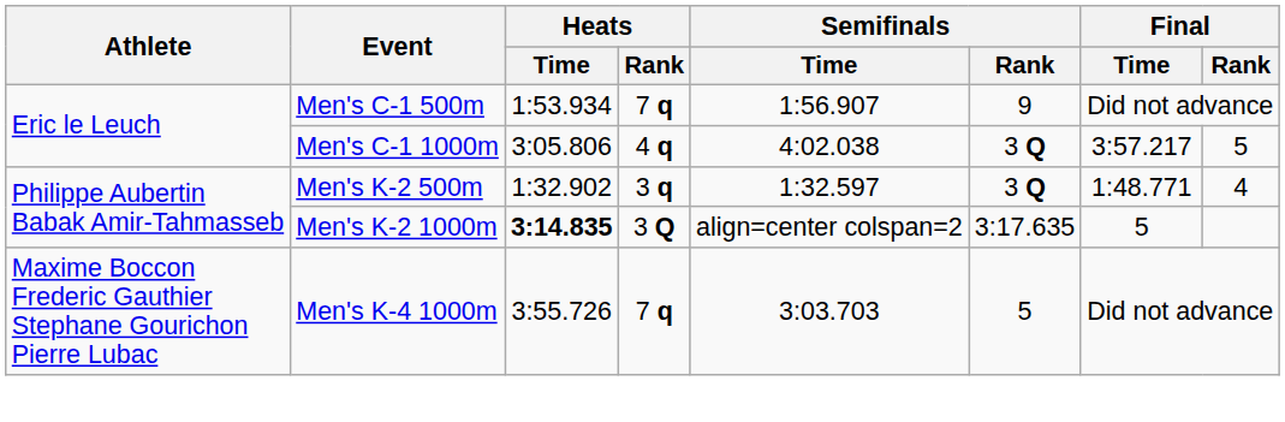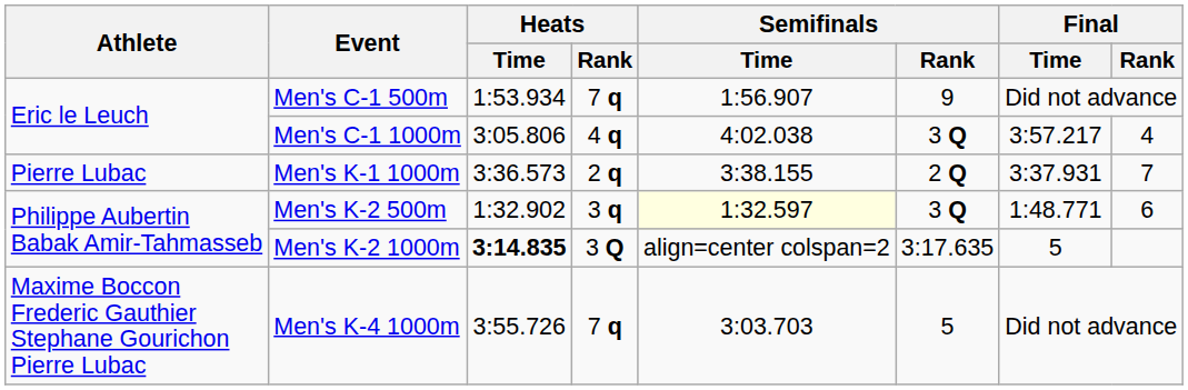 <table class="wikitable" style="font-size:90%">
 <tr>
 <th rowspan=2>Athlete</th>
 <th rowspan=2>Event</th>
 <th colspan=2>Heats</th>
 <th colspan=2>Semifinals</th>
 <th colspan=2>Final</th>
 </tr>
 <tr style="font-size:95%">
 <th>Time</th>
 <th>Rank</th>
 <th>Time</th>
 <th>Rank</th>
 <th>Time</th>
 <th>Rank</th>
 </tr>
 <tr>
 <td align=left rowspan=2><a href='#'>Eric le Leuch</a></td>
 <td align=left><a href='#'>Men's C-1 500m</a></td>
 <td align=center>1:53.934</td>
 <td align=center>7 <strong>q</strong></td>
 <td align=center>1:56.907</td>
 <td align=center>9</td>
 <td align=center colspan=2>Did not advance</td>
 </tr>
 <tr>
 <td align=left><a href='#'>Men's C-1 1000m</a></td>
 <td align=center>3:05.806</td>
 <td align=center>4 <strong>q</strong></td>
 <td align=center>4:02.038</td>
 <td align=center>3 <strong>Q</strong></td>
 <td align=center>3:57.217</td>
-<td align=center>5</td>
+<td align=center>4</td>
+</tr>
+<tr>
+<td align=left><a href='#'>Pierre Lubac</a></td>
+<td align=left><a href='#'>Men's K-1 1000m</a></td>
+<td align=center>3:36.573</td>
+<td align=center>2 <strong>q</strong></td>
+<td align=center>3:38.155</td>
+<td align=center>2 <strong>Q</strong></td>
+<td align=center>3:37.931</td>
+<td align=center>7</td>
 </tr>
 <tr>
 <td align=left rowspan=2><a href='#'>Philippe Aubertin</a><br> <a href='#'>Babak Amir-Tahmasseb</a></td>
 <td align=left><a href='#'>Men's K-2 500m</a></td>
 <td align=center>1:32.902</td>
 <td align=center>3 <strong>q</strong></td>
-<td align=center>1:32.597</td>
+<td align=center style="background: lightyellow;">1:32.597</td>
 <td align=center>3 <strong>Q</strong></td>
 <td align=center>1:48.771</td>
-<td align=center>4</td>
+<td align=center>6</td>
 </tr>
 <tr>
 <td align=left><a href='#'>Men's K-2 1000m</a></td>
 <td align=center><strong>3:14.835</strong></td>
 <td align=center>3 <strong>Q</strong></td>
 <td>align=center colspan=2 </td>
 <td align=center>3:17.635</td>
 <td align=center>5</td>
 </tr>
 <tr>
 <td align=left><a href='#'>Maxime Boccon</a><br> <a href='#'>Frederic Gauthier</a><br> <a href='#'>Stephane Gourichon</a><br> <a href='#'>Pierre Lubac</a></td>
 <td align=left><a href='#'>Men's K-4 1000m</a></td>
 <td align=center>3:55.726</td>
 <td align=center>7 <strong>q</strong></td>
 <td align=center>3:03.703</td>
 <td align=center>5</td>
 <td align=center colspan=2>Did not advance</td>
 </tr>
 </table>
